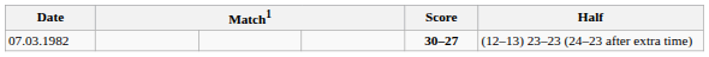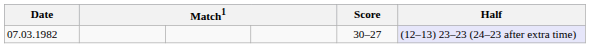 <table class="wikitable">
 <tr bgcolor="lightsteelblue">
 <th width="100px">Date</th>
 <th width="360px" colspan=3>Match<sup>1</sup></th>
 <th width="80px">Score</th>
 <th width="260px">Half</th>
 </tr>
 <tr>
 <td>07.03.1982</td>
 <td align=right></td>
 <td></td>
 <td></td>
-<td align=center><strong>30–27</strong></td>
-<td>(12–13) 23–23 (24–23 after extra time)</td>
+<td align=center>30–27</td>
+<td style="background: lavender;">(12–13) 23–23 (24–23 after extra time)</td>
 </tr>
 </table>
